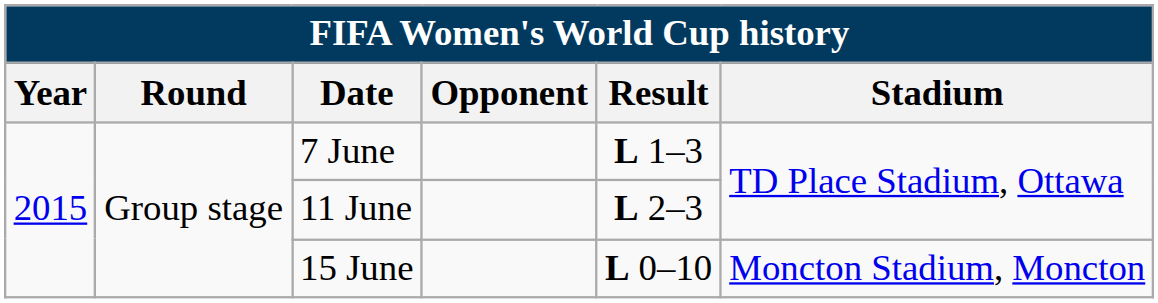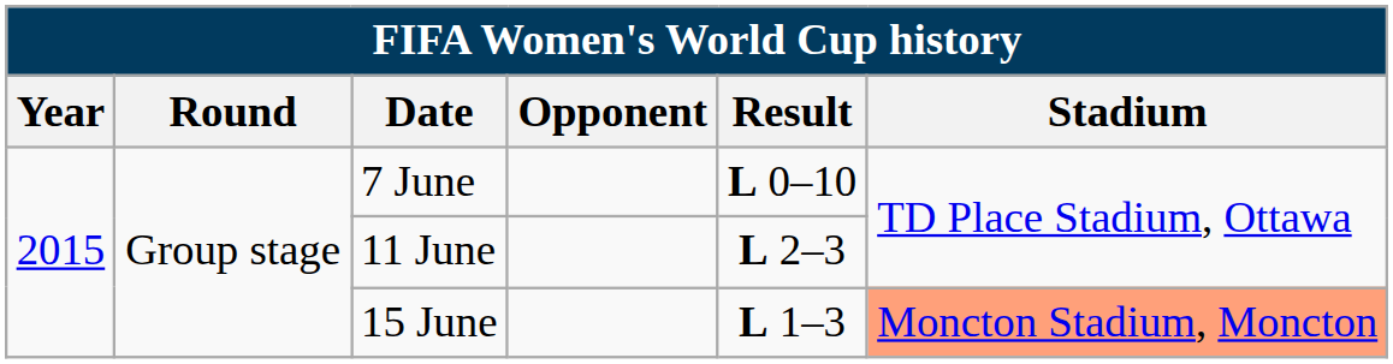 <table class="wikitable" style="text-align: center;font-size:100%;">
 <tr>
 <th colspan=6 style="background: #013A5E; color: #FFFFFF;">FIFA Women's World Cup history</th>
 </tr>
 <tr>
 <th>Year</th>
 <th>Round</th>
 <th>Date</th>
 <th>Opponent</th>
 <th>Result</th>
 <th>Stadium</th>
 </tr>
 <tr>
 <td rowspan=3> <a href='#'>2015</a></td>
 <td rowspan=3>Group stage</td>
 <td align="left">7 June</td>
 <td align="left"></td>
-<td><strong>L</strong> 1–3</td>
+<td><strong>L</strong> 0–10</td>
 <td rowspan=2 align="left"><a href='#'>TD Place Stadium</a>, <a href='#'>Ottawa</a></td>
 </tr>
 <tr>
 <td align="left">11 June</td>
 <td align="left"></td>
 <td><strong>L</strong> 2–3</td>
 </tr>
 <tr>
 <td align="left">15 June</td>
 <td align="left"></td>
-<td><strong>L</strong> 0–10</td>
-<td align="left"><a href='#'>Moncton Stadium</a>, <a href='#'>Moncton</a></td>
+<td><strong>L</strong> 1–3</td>
+<td align="left" style="background: lightsalmon;"><a href='#'>Moncton Stadium</a>, <a href='#'>Moncton</a></td>
 </tr>
 </table>
